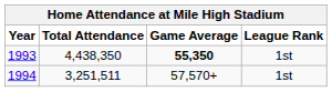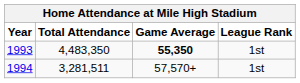 <table class="wikitable" style="text-align:center">
 <tr>
 <th colspan=5><strong>Home Attendance at Mile High Stadium</strong></th>
 </tr>
 <tr style="background:#FFFFFF; color:#000000;">
 <td><strong>Year</strong></td>
 <td><strong>Total Attendance</strong></td>
 <td><strong>Game Average</strong></td>
 <td><strong>League Rank</strong></td>
 </tr>
 <tr>
 <td><a href='#'>1993</a></td>
-<td>4,438,350</td>
+<td>4,483,350</td>
 <td><strong>55,350</strong></td>
 <td>1st</td>
 </tr>
 <tr>
 <td><a href='#'>1994</a></td>
-<td>3,251,511</td>
+<td>3,281,511</td>
 <td>57,570+</td>
 <td>1st</td>
 </tr>
 </table>
